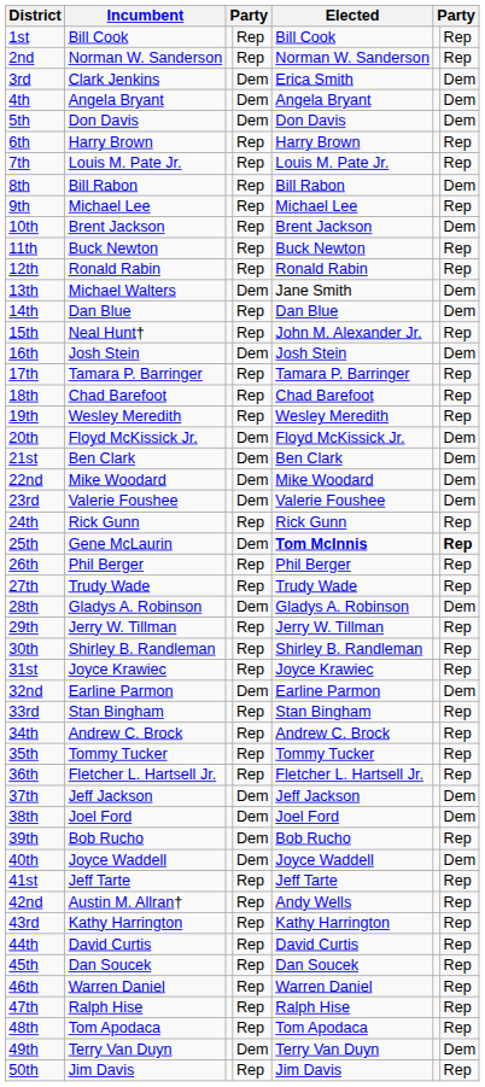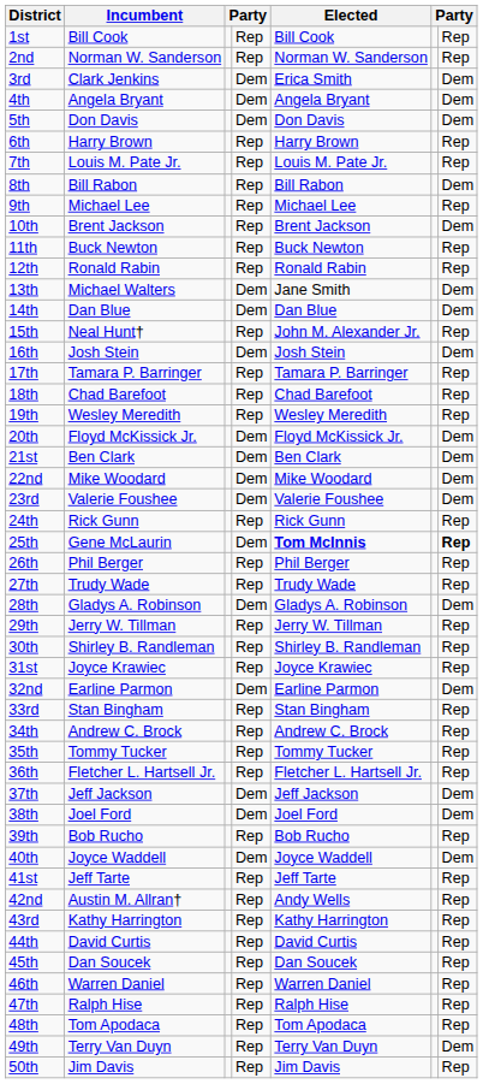 <table class="sortable wikitable" style="font-size:95%;line-height:14px;">
 <tr>
 <th class="unsortable">District</th>
 <th class="unsortable"><a href='#'>Incumbent</a></th>
 <th colspan="2">Party</th>
 <th class="unsortable">Elected</th>
 <th colspan="2">Party</th>
 </tr>
 <tr>
 <td><a href='#'>1st</a></td>
 <td><a href='#'>Bill Cook</a></td>
 <td style="background:"></td>
 <td>Rep</td>
 <td><a href='#'>Bill Cook</a></td>
 <td style="background:"></td>
 <td>Rep</td>
 </tr>
 <tr>
 <td><a href='#'>2nd</a></td>
 <td><a href='#'>Norman W. Sanderson</a></td>
 <td style="background:"></td>
 <td>Rep</td>
 <td><a href='#'>Norman W. Sanderson</a></td>
 <td style="background:"></td>
 <td>Rep</td>
 </tr>
 <tr>
 <td><a href='#'>3rd</a></td>
 <td><a href='#'>Clark Jenkins</a></td>
 <td style="background:"></td>
 <td>Dem</td>
 <td><a href='#'>Erica Smith</a></td>
 <td style="background:"></td>
 <td>Dem</td>
 </tr>
 <tr>
 <td><a href='#'>4th</a></td>
 <td><a href='#'>Angela Bryant</a></td>
 <td style="background:"></td>
 <td>Dem</td>
 <td><a href='#'>Angela Bryant</a></td>
 <td style="background:"></td>
 <td>Dem</td>
 </tr>
 <tr>
 <td><a href='#'>5th</a></td>
 <td><a href='#'>Don Davis</a></td>
 <td style="background:"></td>
 <td>Dem</td>
 <td><a href='#'>Don Davis</a></td>
 <td style="background:"></td>
 <td>Dem</td>
 </tr>
 <tr>
 <td><a href='#'>6th</a></td>
 <td><a href='#'>Harry Brown</a></td>
 <td style="background:"></td>
 <td>Rep</td>
 <td><a href='#'>Harry Brown</a></td>
 <td style="background:"></td>
 <td>Rep</td>
 </tr>
 <tr>
 <td><a href='#'>7th</a></td>
 <td><a href='#'>Louis M. Pate Jr.</a></td>
 <td style="background:"></td>
 <td>Rep</td>
 <td><a href='#'>Louis M. Pate Jr.</a></td>
 <td style="background:"></td>
 <td>Rep</td>
 </tr>
 <tr>
 <td><a href='#'>8th</a></td>
 <td><a href='#'>Bill Rabon</a></td>
 <td style="background:"></td>
 <td>Rep</td>
 <td><a href='#'>Bill Rabon</a></td>
 <td style="background:"></td>
 <td>Dem</td>
 </tr>
 <tr>
 <td><a href='#'>9th</a></td>
 <td><a href='#'>Michael Lee</a></td>
 <td style="background:"></td>
 <td>Rep</td>
 <td><a href='#'>Michael Lee</a></td>
 <td style="background:"></td>
 <td>Rep</td>
 </tr>
 <tr>
 <td><a href='#'>10th</a></td>
 <td><a href='#'>Brent Jackson</a></td>
 <td style="background:"></td>
 <td>Rep</td>
 <td><a href='#'>Brent Jackson</a></td>
 <td style="background:"></td>
 <td>Dem</td>
 </tr>
 <tr>
 <td><a href='#'>11th</a></td>
 <td><a href='#'>Buck Newton</a></td>
 <td style="background:"></td>
 <td>Rep</td>
 <td><a href='#'>Buck Newton</a></td>
 <td style="background:"></td>
 <td>Rep</td>
 </tr>
 <tr>
 <td><a href='#'>12th</a></td>
 <td><a href='#'>Ronald Rabin</a></td>
 <td style="background:"></td>
 <td>Rep</td>
 <td><a href='#'>Ronald Rabin</a></td>
 <td style="background:"></td>
 <td>Rep</td>
 </tr>
 <tr>
 <td><a href='#'>13th</a></td>
 <td><a href='#'>Michael Walters</a></td>
 <td style="background:"></td>
 <td>Dem</td>
 <td>Jane Smith</td>
 <td style="background:"></td>
 <td>Dem</td>
 </tr>
 <tr>
 <td><a href='#'>14th</a></td>
 <td><a href='#'>Dan Blue</a></td>
 <td style="background:"></td>
-<td>Rep</td>
+<td>Dem</td>
 <td><a href='#'>Dan Blue</a></td>
 <td style="background:"></td>
 <td>Dem</td>
 </tr>
 <tr>
 <td><a href='#'>15th</a></td>
 <td><a href='#'>Neal Hunt</a>†</td>
 <td style="background:"></td>
 <td>Rep</td>
 <td><a href='#'>John M. Alexander Jr.</a></td>
 <td style="background:"></td>
 <td>Rep</td>
 </tr>
 <tr>
 <td><a href='#'>16th</a></td>
 <td><a href='#'>Josh Stein</a></td>
 <td style="background:"></td>
 <td>Dem</td>
 <td><a href='#'>Josh Stein</a></td>
 <td style="background:"></td>
 <td>Dem</td>
 </tr>
 <tr>
 <td><a href='#'>17th</a></td>
 <td><a href='#'>Tamara P. Barringer</a></td>
 <td style="background:"></td>
 <td>Rep</td>
 <td><a href='#'>Tamara P. Barringer</a></td>
 <td style="background:"></td>
 <td>Rep</td>
 </tr>
 <tr>
 <td><a href='#'>18th</a></td>
 <td><a href='#'>Chad Barefoot</a></td>
 <td style="background:"></td>
 <td>Rep</td>
 <td><a href='#'>Chad Barefoot</a></td>
 <td style="background:"></td>
 <td>Rep</td>
 </tr>
 <tr>
 <td><a href='#'>19th</a></td>
 <td><a href='#'>Wesley Meredith</a></td>
 <td style="background:"></td>
 <td>Rep</td>
 <td><a href='#'>Wesley Meredith</a></td>
 <td style="background:"></td>
 <td>Rep</td>
 </tr>
 <tr>
 <td><a href='#'>20th</a></td>
 <td><a href='#'>Floyd McKissick Jr.</a></td>
 <td style="background:"></td>
 <td>Dem</td>
 <td><a href='#'>Floyd McKissick Jr.</a></td>
 <td style="background:"></td>
 <td>Dem</td>
 </tr>
 <tr>
 <td><a href='#'>21st</a></td>
 <td><a href='#'>Ben Clark</a></td>
 <td style="background:"></td>
 <td>Dem</td>
 <td><a href='#'>Ben Clark</a></td>
 <td style="background:"></td>
 <td>Dem</td>
 </tr>
 <tr>
 <td><a href='#'>22nd</a></td>
 <td><a href='#'>Mike Woodard</a></td>
 <td style="background:"></td>
 <td>Dem</td>
 <td><a href='#'>Mike Woodard</a></td>
 <td style="background:"></td>
 <td>Dem</td>
 </tr>
 <tr>
 <td><a href='#'>23rd</a></td>
 <td><a href='#'>Valerie Foushee</a></td>
 <td style="background:"></td>
 <td>Dem</td>
 <td><a href='#'>Valerie Foushee</a></td>
 <td style="background:"></td>
 <td>Dem</td>
 </tr>
 <tr>
 <td><a href='#'>24th</a></td>
 <td><a href='#'>Rick Gunn</a></td>
 <td style="background:"></td>
 <td>Rep</td>
 <td><a href='#'>Rick Gunn</a></td>
 <td style="background:"></td>
 <td>Rep</td>
 </tr>
 <tr>
 <td><a href='#'>25th</a></td>
 <td><a href='#'>Gene McLaurin</a></td>
 <td style="background:"></td>
 <td>Dem</td>
 <td><strong><a href='#'>Tom McInnis</a></strong></td>
 <td style="background:"></td>
 <td><strong>Rep</strong></td>
 </tr>
 <tr>
 <td><a href='#'>26th</a></td>
 <td><a href='#'>Phil Berger</a></td>
 <td style="background:"></td>
 <td>Rep</td>
 <td><a href='#'>Phil Berger</a></td>
 <td style="background:"></td>
 <td>Rep</td>
 </tr>
 <tr>
 <td><a href='#'>27th</a></td>
 <td><a href='#'>Trudy Wade</a></td>
 <td style="background:"></td>
 <td>Rep</td>
 <td><a href='#'>Trudy Wade</a></td>
 <td style="background:"></td>
 <td>Rep</td>
 </tr>
 <tr>
 <td><a href='#'>28th</a></td>
 <td><a href='#'>Gladys A. Robinson</a></td>
 <td style="background:"></td>
 <td>Dem</td>
 <td><a href='#'>Gladys A. Robinson</a></td>
 <td style="background:"></td>
 <td>Dem</td>
 </tr>
 <tr>
 <td><a href='#'>29th</a></td>
 <td><a href='#'>Jerry W. Tillman</a></td>
 <td style="background:"></td>
 <td>Rep</td>
 <td><a href='#'>Jerry W. Tillman</a></td>
 <td style="background:"></td>
 <td>Rep</td>
 </tr>
 <tr>
 <td><a href='#'>30th</a></td>
 <td><a href='#'>Shirley B. Randleman</a></td>
 <td style="background:"></td>
 <td>Rep</td>
 <td><a href='#'>Shirley B. Randleman</a></td>
 <td style="background:"></td>
 <td>Rep</td>
 </tr>
 <tr>
 <td><a href='#'>31st</a></td>
 <td><a href='#'>Joyce Krawiec</a></td>
 <td style="background:"></td>
 <td>Rep</td>
 <td><a href='#'>Joyce Krawiec</a></td>
 <td style="background:"></td>
 <td>Rep</td>
 </tr>
 <tr>
 <td><a href='#'>32nd</a></td>
 <td><a href='#'>Earline Parmon</a></td>
 <td style="background:"></td>
 <td>Dem</td>
 <td><a href='#'>Earline Parmon</a></td>
 <td style="background:"></td>
 <td>Dem</td>
 </tr>
 <tr>
 <td><a href='#'>33rd</a></td>
 <td><a href='#'>Stan Bingham</a></td>
 <td style="background:"></td>
 <td>Rep</td>
 <td><a href='#'>Stan Bingham</a></td>
 <td style="background:"></td>
 <td>Rep</td>
 </tr>
 <tr>
 <td><a href='#'>34th</a></td>
 <td><a href='#'>Andrew C. Brock</a></td>
 <td style="background:"></td>
 <td>Rep</td>
 <td><a href='#'>Andrew C. Brock</a></td>
 <td style="background:"></td>
 <td>Rep</td>
 </tr>
 <tr>
 <td><a href='#'>35th</a></td>
 <td><a href='#'>Tommy Tucker</a></td>
 <td style="background:"></td>
 <td>Rep</td>
 <td><a href='#'>Tommy Tucker</a></td>
 <td style="background:"></td>
 <td>Rep</td>
 </tr>
 <tr>
 <td><a href='#'>36th</a></td>
 <td><a href='#'>Fletcher L. Hartsell Jr.</a></td>
 <td style="background:"></td>
 <td>Rep</td>
 <td><a href='#'>Fletcher L. Hartsell Jr.</a></td>
 <td style="background:"></td>
 <td>Rep</td>
 </tr>
 <tr>
 <td><a href='#'>37th</a></td>
 <td><a href='#'>Jeff Jackson</a></td>
 <td style="background:"></td>
 <td>Dem</td>
 <td><a href='#'>Jeff Jackson</a></td>
 <td style="background:"></td>
 <td>Dem</td>
 </tr>
 <tr>
 <td><a href='#'>38th</a></td>
 <td><a href='#'>Joel Ford</a></td>
 <td style="background:"></td>
 <td>Dem</td>
 <td><a href='#'>Joel Ford</a></td>
 <td style="background:"></td>
 <td>Dem</td>
 </tr>
 <tr>
 <td><a href='#'>39th</a></td>
 <td><a href='#'>Bob Rucho</a></td>
 <td style="background:"></td>
-<td>Dem</td>
+<td>Rep</td>
 <td><a href='#'>Bob Rucho</a></td>
 <td style="background:"></td>
 <td>Rep</td>
 </tr>
 <tr>
 <td><a href='#'>40th</a></td>
 <td><a href='#'>Joyce Waddell</a></td>
 <td style="background:"></td>
 <td>Dem</td>
 <td><a href='#'>Joyce Waddell</a></td>
 <td style="background:"></td>
 <td>Dem</td>
 </tr>
 <tr>
 <td><a href='#'>41st</a></td>
 <td><a href='#'>Jeff Tarte</a></td>
 <td style="background:"></td>
 <td>Rep</td>
 <td><a href='#'>Jeff Tarte</a></td>
 <td style="background:"></td>
 <td>Rep</td>
 </tr>
 <tr>
 <td><a href='#'>42nd</a></td>
 <td><a href='#'>Austin M. Allran</a>†</td>
 <td style="background:"></td>
 <td>Rep</td>
 <td><a href='#'>Andy Wells</a></td>
 <td style="background:"></td>
 <td>Rep</td>
 </tr>
 <tr>
 <td><a href='#'>43rd</a></td>
 <td><a href='#'>Kathy Harrington</a></td>
 <td style="background:"></td>
 <td>Rep</td>
 <td><a href='#'>Kathy Harrington</a></td>
 <td style="background:"></td>
 <td>Rep</td>
 </tr>
 <tr>
 <td><a href='#'>44th</a></td>
 <td><a href='#'>David Curtis</a></td>
 <td style="background:"></td>
 <td>Rep</td>
 <td><a href='#'>David Curtis</a></td>
 <td style="background:"></td>
 <td>Rep</td>
 </tr>
 <tr>
 <td><a href='#'>45th</a></td>
 <td><a href='#'>Dan Soucek</a></td>
 <td style="background:"></td>
 <td>Rep</td>
 <td><a href='#'>Dan Soucek</a></td>
 <td style="background:"></td>
 <td>Rep</td>
 </tr>
 <tr>
 <td><a href='#'>46th</a></td>
 <td><a href='#'>Warren Daniel</a></td>
 <td style="background:"></td>
 <td>Rep</td>
 <td><a href='#'>Warren Daniel</a></td>
 <td style="background:"></td>
 <td>Rep</td>
 </tr>
 <tr>
 <td><a href='#'>47th</a></td>
 <td><a href='#'>Ralph Hise</a></td>
 <td style="background:"></td>
 <td>Rep</td>
 <td><a href='#'>Ralph Hise</a></td>
 <td style="background:"></td>
 <td>Rep</td>
 </tr>
 <tr>
 <td><a href='#'>48th</a></td>
 <td><a href='#'>Tom Apodaca</a></td>
 <td style="background:"></td>
 <td>Rep</td>
 <td><a href='#'>Tom Apodaca</a></td>
 <td style="background:"></td>
 <td>Rep</td>
 </tr>
 <tr>
 <td><a href='#'>49th</a></td>
 <td><a href='#'>Terry Van Duyn</a></td>
 <td style="background:"></td>
-<td>Dem</td>
+<td>Rep</td>
 <td><a href='#'>Terry Van Duyn</a></td>
 <td style="background:"></td>
 <td>Dem</td>
 </tr>
 <tr>
 <td><a href='#'>50th</a></td>
 <td><a href='#'>Jim Davis</a></td>
 <td style="background:"></td>
 <td>Rep</td>
 <td><a href='#'>Jim Davis</a></td>
 <td style="background:"></td>
 <td>Rep</td>
 </tr>
 </table>
